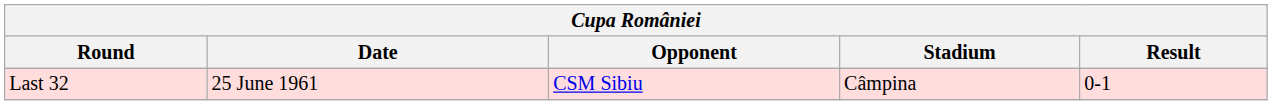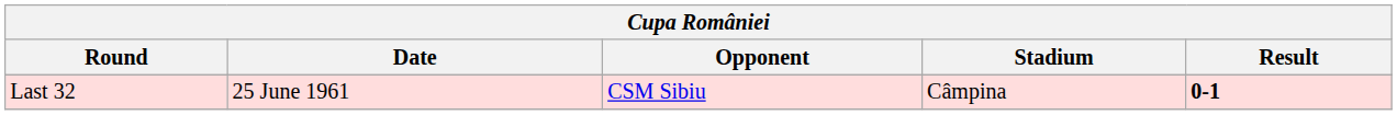 <table class="wikitable" style="width:80%;">
 <tr>
 <th colspan="5" style="text-align:center;"><em>Cupa României</em></th>
 </tr>
 <tr>
 <th>Round</th>
 <th>Date</th>
 <th>Opponent</th>
 <th>Stadium</th>
 <th>Result</th>
 </tr>
 <tr>
 </tr>
 <tr bgcolor="#ffdddd">
 <td>Last 32</td>
 <td>25 June 1961</td>
 <td><a href='#'>CSM Sibiu</a></td>
 <td>Câmpina</td>
-<td>0-1</td>
+<td><strong>0-1</strong></td>
 </tr>
 <tr>
 </tr>
 </table>
